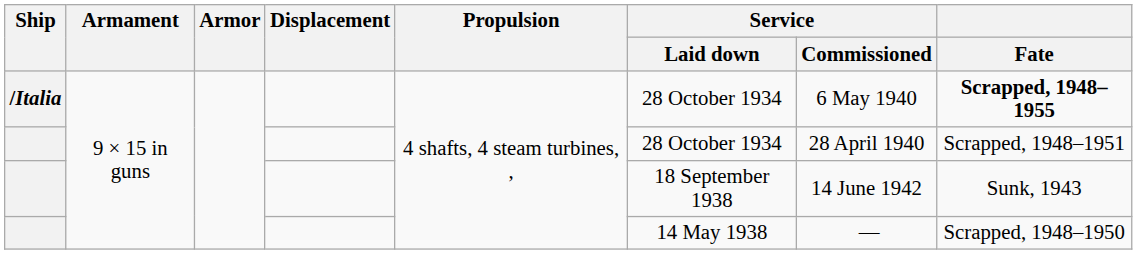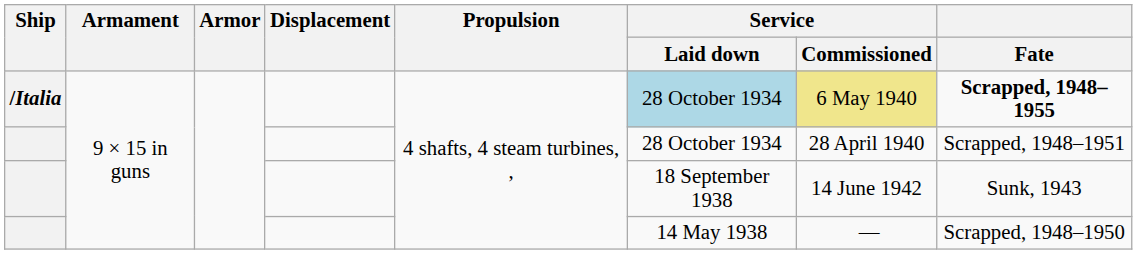 <table class="wikitable plainrowheaders" style="text-align: center;">
 <tr valign="top">
 <th scope="col" rowspan="2">Ship</th>
 <th scope="col" rowspan="2">Armament</th>
 <th scope="col" rowspan="2">Armor</th>
 <th scope="col" rowspan="2">Displacement</th>
 <th scope="col" rowspan="2">Propulsion</th>
 <th scope="col" colspan="2">Service</th>
 <th></th>
 </tr>
 <tr valign="top">
 <th scope="col">Laid down</th>
 <th scope="col">Commissioned</th>
 <th scope="col">Fate</th>
 </tr>
 <tr valign="center">
 <th scope="row">/<em>Italia</em></th>
 <td rowspan="4">9 × 15 in guns</td>
 <td rowspan="4"></td>
 <td></td>
 <td rowspan="4">4 shafts, 4 steam turbines, , </td>
-<td>28 October 1934</td>
-<td>6 May 1940</td>
+<td style="background: lightblue;">28 October 1934</td>
+<td style="background: khaki;">6 May 1940</td>
 <td><strong>Scrapped, 1948–1955</strong></td>
 </tr>
 <tr valign="center">
 <th scope="row"></th>
 <td></td>
 <td>28 October 1934</td>
 <td>28 April 1940</td>
 <td>Scrapped, 1948–1951</td>
 </tr>
 <tr valign="center">
 <th scope="row"></th>
 <td></td>
 <td>18 September 1938</td>
 <td>14 June 1942</td>
 <td>Sunk, 1943</td>
 </tr>
 <tr valign="center">
 <th scope="row"></th>
 <td></td>
 <td>14 May 1938</td>
 <td> —</td>
 <td>Scrapped, 1948–1950</td>
 </tr>
 </table>
